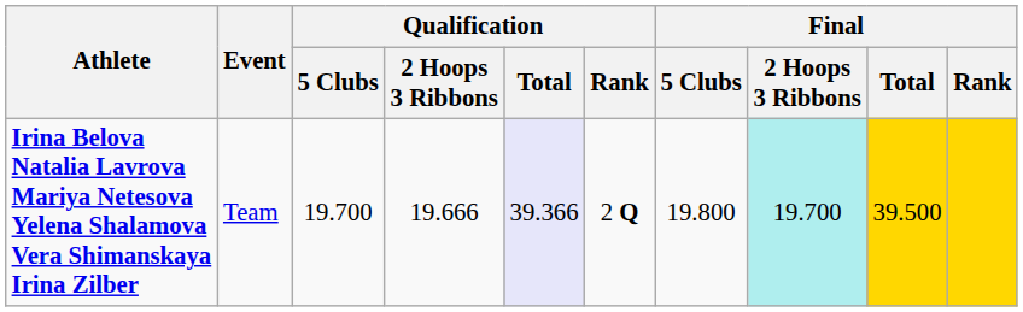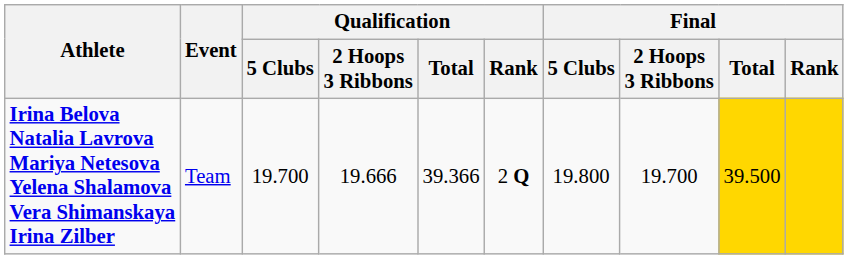 <table class="wikitable" style="font-size:90%">
 <tr>
 <th rowspan="2">Athlete</th>
 <th rowspan="2">Event</th>
 <th colspan="4">Qualification</th>
 <th colspan="4">Final</th>
 </tr>
 <tr>
 <th>5  Clubs</th>
 <th>2 Hoops <br>3 Ribbons</th>
 <th>Total</th>
 <th>Rank</th>
 <th>5  Clubs</th>
 <th>2 Hoops <br>3 Ribbons</th>
 <th>Total</th>
 <th>Rank</th>
 </tr>
 <tr>
 <td><strong><a href='#'>Irina Belova</a><br><a href='#'>Natalia Lavrova</a><br><a href='#'>Mariya Netesova</a><br><a href='#'>Yelena Shalamova</a><br><a href='#'>Vera Shimanskaya</a><br><a href='#'>Irina Zilber</a></strong></td>
 <td><a href='#'>Team</a></td>
 <td align=center>19.700</td>
 <td align=center>19.666</td>
-<td align=center style="background: lavender;">39.366</td>
+<td align=center>39.366</td>
 <td align=center>2 <strong>Q</strong></td>
 <td align=center>19.800</td>
-<td align=center style="background: paleturquoise;">19.700</td>
+<td align=center>19.700</td>
 <td bgcolor=gold align=center>39.500</td>
 <td bgcolor=gold align=center></td>
 </tr>
 </table>
